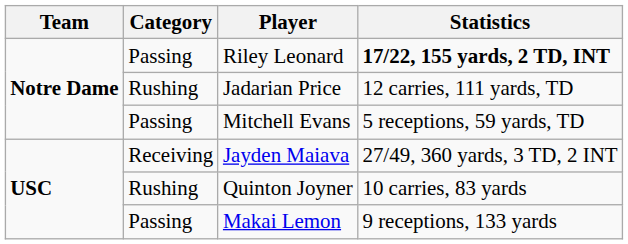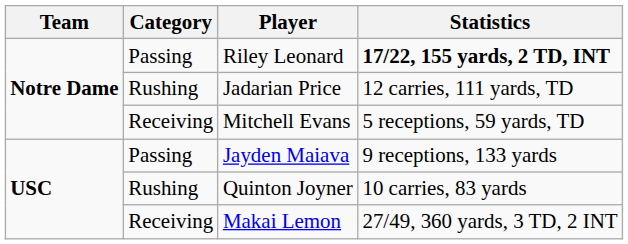 <table class="wikitable" style="float: right;">
 <tr>
 <th>Team</th>
 <th>Category</th>
 <th>Player</th>
 <th>Statistics</th>
 </tr>
 <tr>
 <td rowspan=3><strong>Notre Dame</strong></td>
 <td>Passing</td>
 <td>Riley Leonard</td>
 <td><strong>17/22, 155 yards, 2 TD, INT</strong></td>
 </tr>
 <tr>
 <td>Rushing</td>
 <td>Jadarian Price</td>
 <td>12 carries, 111 yards, TD</td>
 </tr>
 <tr>
-<td>Passing</td>
+<td>Receiving</td>
 <td>Mitchell Evans</td>
 <td>5 receptions, 59 yards, TD</td>
 </tr>
 <tr>
 <td rowspan=3><strong>USC</strong></td>
-<td>Receiving</td>
+<td>Passing</td>
 <td><a href='#'>Jayden Maiava</a></td>
-<td>27/49, 360 yards, 3 TD, 2 INT</td>
+<td>9 receptions, 133 yards</td>
 </tr>
 <tr>
 <td>Rushing</td>
 <td>Quinton Joyner</td>
 <td>10 carries, 83 yards</td>
 </tr>
 <tr>
-<td>Passing</td>
+<td>Receiving</td>
 <td><a href='#'>Makai Lemon</a></td>
-<td>9 receptions, 133 yards</td>
+<td>27/49, 360 yards, 3 TD, 2 INT</td>
 </tr>
 </table>
